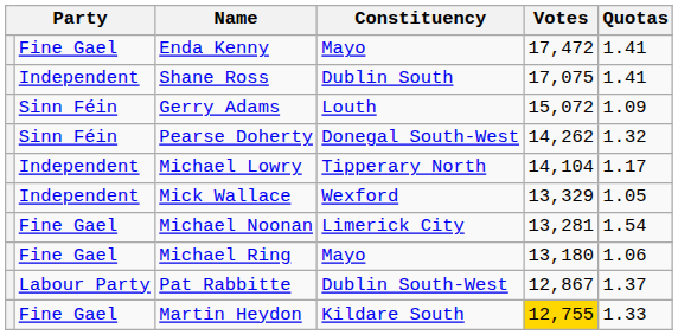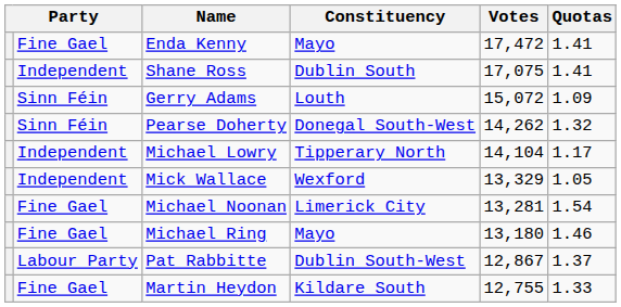 <table class="wikitable" style="font-size: 95%;">
 <tr>
 <th colspan=2>Party</th>
 <th>Name</th>
 <th>Constituency</th>
 <th>Votes</th>
 <th>Quotas</th>
 </tr>
 <tr>
 <th style="background-color: "></th>
 <td><a href='#'>Fine Gael</a></td>
 <td><a href='#'>Enda Kenny</a></td>
 <td><a href='#'>Mayo</a></td>
 <td>17,472</td>
 <td>1.41</td>
 </tr>
 <tr>
 <th style="background-color: "></th>
 <td><a href='#'>Independent</a></td>
 <td><a href='#'>Shane Ross</a></td>
 <td><a href='#'>Dublin South</a></td>
 <td>17,075</td>
 <td>1.41</td>
 </tr>
 <tr>
 <th style="background-color: "></th>
 <td><a href='#'>Sinn Féin</a></td>
 <td><a href='#'>Gerry Adams</a></td>
 <td><a href='#'>Louth</a></td>
 <td>15,072</td>
 <td>1.09</td>
 </tr>
 <tr>
 <th style="background-color: "></th>
 <td><a href='#'>Sinn Féin</a></td>
 <td><a href='#'>Pearse Doherty</a></td>
 <td><a href='#'>Donegal South-West</a></td>
 <td>14,262</td>
 <td>1.32</td>
 </tr>
 <tr>
 <th style="background-color: "></th>
 <td><a href='#'>Independent</a></td>
 <td><a href='#'>Michael Lowry</a></td>
 <td><a href='#'>Tipperary North</a></td>
 <td>14,104</td>
 <td>1.17</td>
 </tr>
 <tr>
 <th style="background-color: "></th>
 <td><a href='#'>Independent</a></td>
 <td><a href='#'>Mick Wallace</a></td>
 <td><a href='#'>Wexford</a></td>
 <td>13,329</td>
 <td>1.05</td>
 </tr>
 <tr>
 <th style="background-color: "></th>
 <td><a href='#'>Fine Gael</a></td>
 <td><a href='#'>Michael Noonan</a></td>
 <td><a href='#'>Limerick City</a></td>
 <td>13,281</td>
 <td>1.54</td>
 </tr>
 <tr>
 <th style="background-color: "></th>
 <td><a href='#'>Fine Gael</a></td>
 <td><a href='#'>Michael Ring</a></td>
 <td><a href='#'>Mayo</a></td>
 <td>13,180</td>
-<td>1.06</td>
+<td>1.46</td>
 </tr>
 <tr>
 <th style="background-color: "></th>
 <td><a href='#'>Labour Party</a></td>
 <td><a href='#'>Pat Rabbitte</a></td>
 <td><a href='#'>Dublin South-West</a></td>
 <td>12,867</td>
 <td>1.37</td>
 </tr>
 <tr>
 <th style="background-color: "></th>
 <td><a href='#'>Fine Gael</a></td>
 <td><a href='#'>Martin Heydon</a></td>
 <td><a href='#'>Kildare South</a></td>
-<td style="background: gold;">12,755</td>
+<td>12,755</td>
 <td>1.33</td>
 </tr>
 </table>
